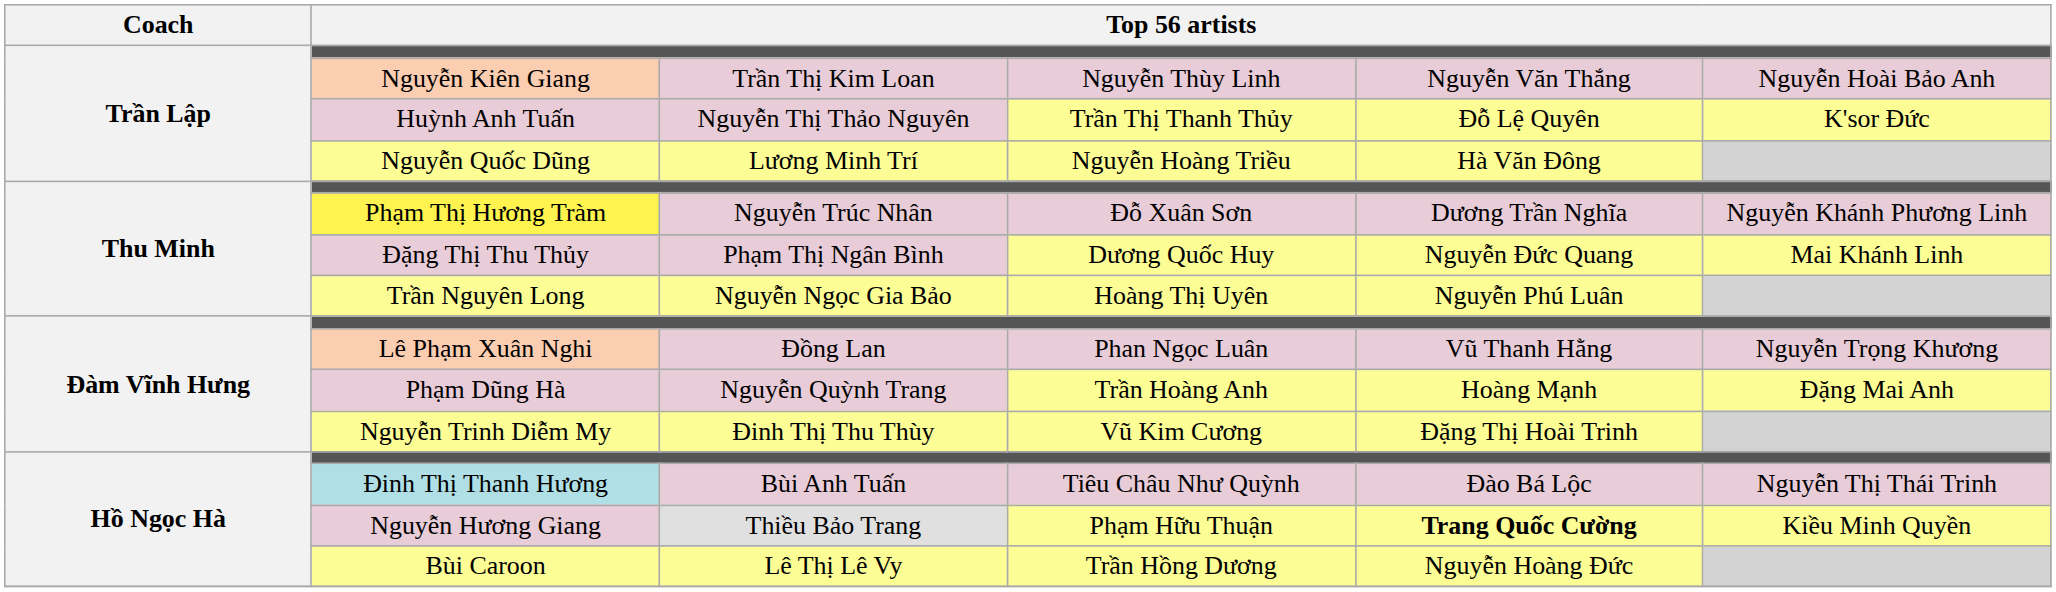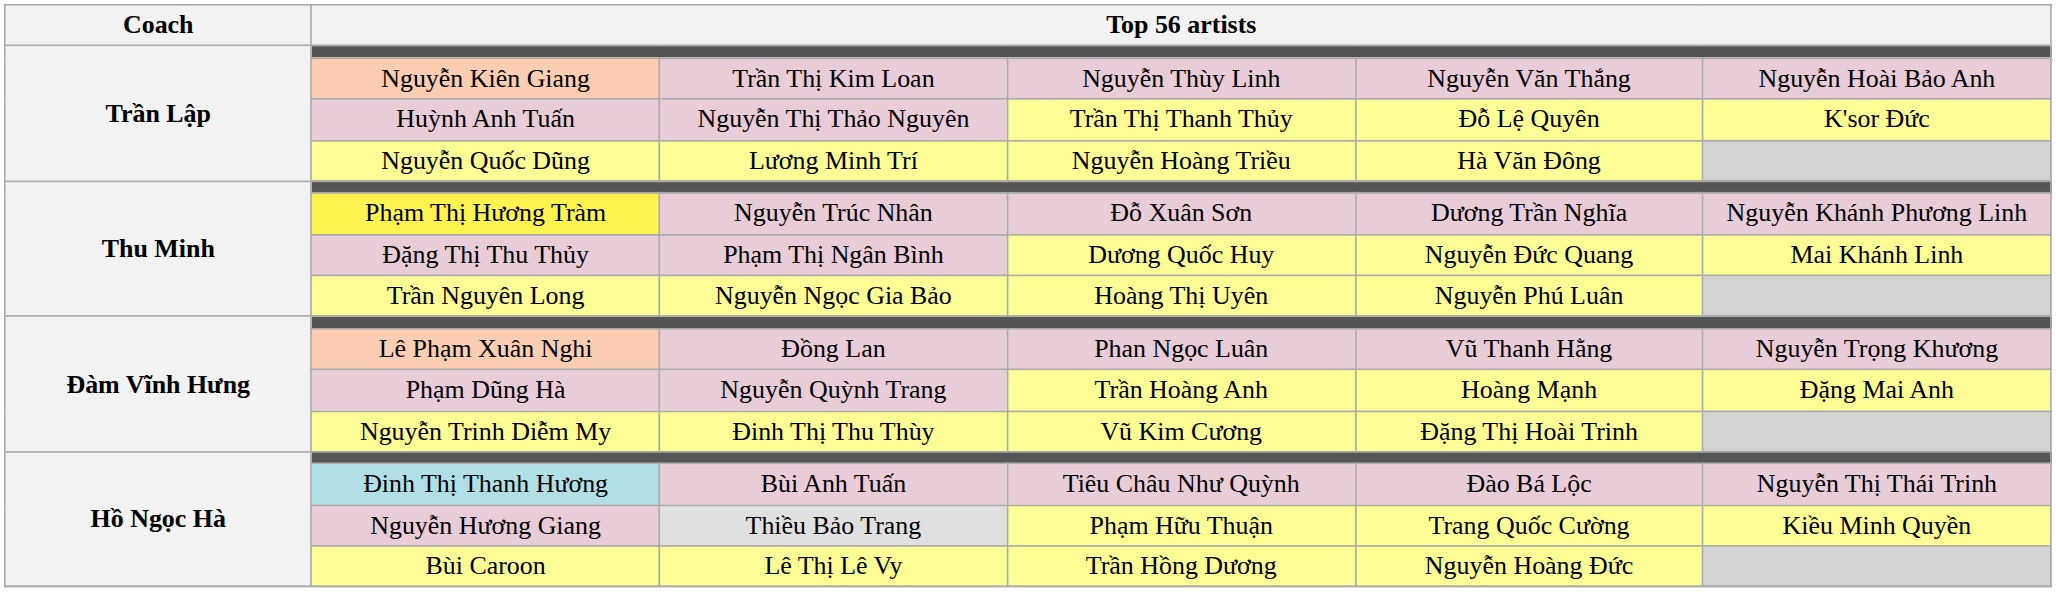 <table class="wikitable" style="text-align:center; width:100%;">
 <tr>
 <th width="15%">Coach</th>
 <th width="85%" colspan="5">Top 56 artists</th>
 </tr>
 <tr>
 <th rowspan="4">Trần Lập</th>
 <td colspan="5" style="background:#555555;"></td>
 </tr>
 <tr>
 <td width="17%" style="background:#FBCEB1">Nguyễn Kiên Giang</td>
 <td width="17%" style="background:#E8CCD7">Trần Thị Kim Loan</td>
 <td width="17%" style="background:#E8CCD7">Nguyễn Thùy Linh</td>
 <td width="17%" style="background:#E8CCD7">Nguyễn Văn Thắng</td>
 <td width="17%" style="background:#E8CCD7">Nguyễn Hoài Bảo Anh</td>
 </tr>
 <tr>
 <td width="17%" style="background:#E8CCD7">Huỳnh Anh Tuấn</td>
 <td width="17%" style="background:#E8CCD7">Nguyễn Thị Thảo Nguyên</td>
 <td width="17%" style="background:#FDFD96">Trần Thị Thanh Thủy</td>
 <td width="17%" style="background:#FDFD96">Đỗ Lệ Quyên</td>
 <td width="17%" style="background:#FDFD96">K'sor Đức</td>
 </tr>
 <tr>
 <td width="17%" style="background:#FDFD96">Nguyễn Quốc Dũng</td>
 <td width="17%" style="background:#FDFD96">Lương Minh Trí</td>
 <td width="17%" style="background:#FDFD96">Nguyễn Hoàng Triều</td>
 <td width="17%" style="background:#FDFD96">Hà Văn Đông</td>
 <td style="background:lightgrey;"></td>
 </tr>
 <tr>
 <th rowspan="4">Thu Minh</th>
 <td colspan="5" style="background:#555555;"></td>
 </tr>
 <tr>
 <td style="background:#FFF44F">Phạm Thị Hương Tràm</td>
 <td style="background:#E8CCD7">Nguyễn Trúc Nhân</td>
 <td style="background:#E8CCD7">Đỗ Xuân Sơn</td>
 <td style="background:#E8CCD7">Dương Trần Nghĩa</td>
 <td style="background:#E8CCD7">Nguyễn Khánh Phương Linh</td>
 </tr>
 <tr>
 <td style="background:#E8CCD7">Đặng Thị Thu Thủy</td>
 <td style="background:#E8CCD7">Phạm Thị Ngân Bình</td>
 <td style="background:#FDFD96">Dương Quốc Huy</td>
 <td style="background:#FDFD96">Nguyễn Đức Quang</td>
 <td style="background:#FDFD96">Mai Khánh Linh</td>
 </tr>
 <tr>
 <td style="background:#FDFD96">Trần Nguyên Long</td>
 <td style="background:#FDFD96">Nguyễn Ngọc Gia Bảo</td>
 <td style="background:#FDFD96">Hoàng Thị Uyên</td>
 <td style="background:#FDFD96">Nguyễn Phú Luân</td>
 <td style="background:lightgrey;"></td>
 </tr>
 <tr>
 <th rowspan="4">Đàm Vĩnh Hưng</th>
 <td colspan="5" style="background:#555555;"></td>
 </tr>
 <tr>
 <td style="background:#FBCEB1">Lê Phạm Xuân Nghi</td>
 <td style="background:#E8CCD7">Đồng Lan</td>
 <td style="background:#E8CCD7">Phan Ngọc Luân</td>
 <td style="background:#E8CCD7">Vũ Thanh Hằng</td>
 <td style="background:#E8CCD7">Nguyễn Trọng Khương</td>
 </tr>
 <tr>
 <td style="background:#E8CCD7">Phạm Dũng Hà</td>
 <td style="background:#E8CCD7">Nguyễn Quỳnh Trang</td>
 <td style="background:#FDFD96">Trần Hoàng Anh</td>
 <td style="background:#FDFD96">Hoàng Mạnh</td>
 <td style="background:#FDFD96">Đặng Mai Anh</td>
 </tr>
 <tr>
 <td style="background:#FDFD96">Nguyễn Trinh Diễm My</td>
 <td style="background:#FDFD96">Đinh Thị Thu Thùy</td>
 <td style="background:#FDFD96">Vũ Kim Cương</td>
 <td style="background:#FDFD96">Đặng Thị Hoài Trinh</td>
 <td style="background:lightgrey;"></td>
 </tr>
 <tr>
 <th rowspan="4">Hồ Ngọc Hà</th>
 <td colspan="5" style="background:#555555;"></td>
 </tr>
 <tr>
 <td style="background:#B0E0E6">Đinh Thị Thanh Hương</td>
 <td style="background:#E8CCD7">Bùi Anh Tuấn</td>
 <td style="background:#E8CCD7">Tiêu Châu Như Quỳnh</td>
 <td style="background:#E8CCD7">Đào Bá Lộc</td>
 <td style="background:#E8CCD7">Nguyễn Thị Thái Trinh</td>
 </tr>
 <tr>
 <td style="background:#E8CCD7">Nguyễn Hương Giang</td>
 <td style="background:#E0E0E0">Thiều Bảo Trang</td>
 <td style="background:#FDFD96">Phạm Hữu Thuận</td>
-<td style="background:#FDFD96"><strong>Trang Quốc Cường</strong></td>
+<td style="background:#FDFD96">Trang Quốc Cường</td>
 <td style="background:#FDFD96">Kiều Minh Quyền</td>
 </tr>
 <tr>
 <td style="background:#FDFD96">Bùi Caroon</td>
 <td style="background:#FDFD96">Lê Thị Lê Vy</td>
 <td style="background:#FDFD96">Trần Hồng Dương</td>
 <td style="background:#FDFD96">Nguyễn Hoàng Đức</td>
 <td style="background:lightgrey;"></td>
 </tr>
 <tr>
 </tr>
 </table>
